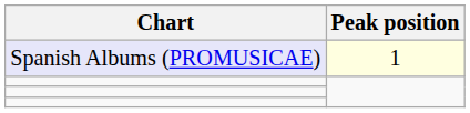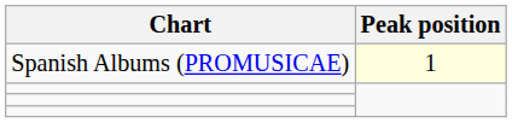 <table class="wikitable">
 <tr>
 <th>Chart</th>
 <th>Peak position</th>
 </tr>
 <tr>
-<td style="background: lavender;">Spanish Albums (<a href='#'>PROMUSICAE</a>)</td>
+<td>Spanish Albums (<a href='#'>PROMUSICAE</a>)</td>
 <td align="center" style="background: lightyellow;">1</td>
 </tr>
 <tr>
 <td></td>
 </tr>
 <tr>
 <td></td>
 </tr>
 <tr>
 <td></td>
 </tr>
 </table>
